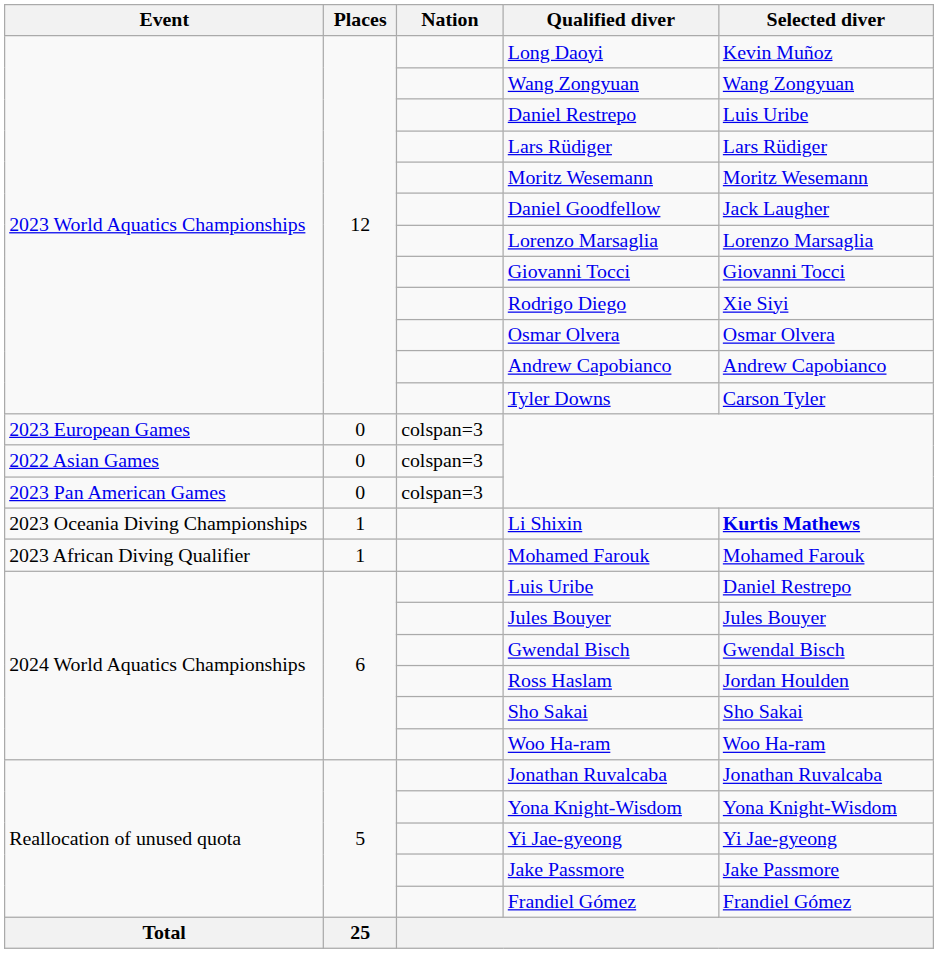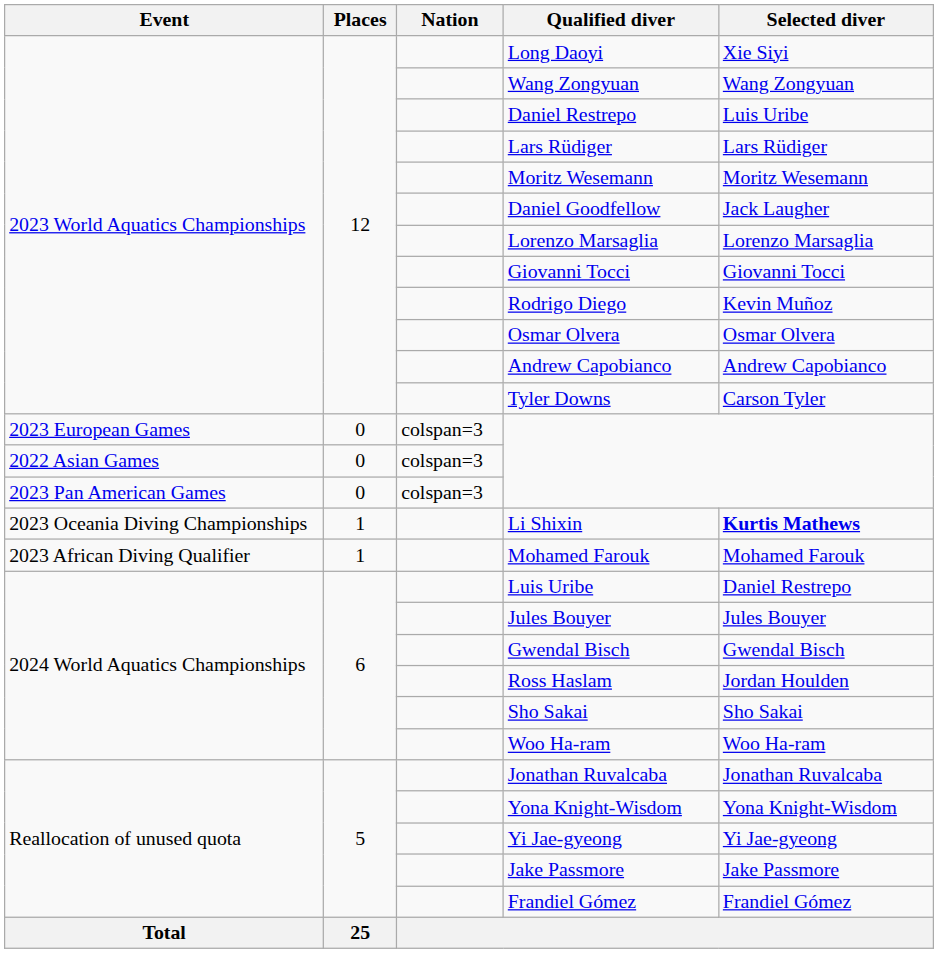 <table class="wikitable" width=750>
 <tr>
 <th width=250>Event</th>
 <th>Places</th>
 <th>Nation</th>
 <th>Qualified diver</th>
 <th>Selected diver</th>
 </tr>
 <tr>
 <td rowspan=12><a href='#'>2023 World Aquatics Championships</a></td>
 <td rowspan=12 align=center>12</td>
 <td></td>
 <td><a href='#'>Long Daoyi</a></td>
-<td><a href='#'>Kevin Muñoz</a></td>
+<td><a href='#'>Xie Siyi</a></td>
 </tr>
 <tr>
 <td></td>
 <td><a href='#'>Wang Zongyuan</a></td>
 <td><a href='#'>Wang Zongyuan</a></td>
 </tr>
 <tr>
 <td></td>
 <td><a href='#'>Daniel Restrepo</a></td>
 <td><a href='#'>Luis Uribe</a></td>
 </tr>
 <tr>
 <td></td>
 <td><a href='#'>Lars Rüdiger</a></td>
 <td><a href='#'>Lars Rüdiger</a></td>
 </tr>
 <tr>
 <td></td>
 <td><a href='#'>Moritz Wesemann</a></td>
 <td><a href='#'>Moritz Wesemann</a></td>
 </tr>
 <tr>
 <td></td>
 <td><a href='#'>Daniel Goodfellow</a></td>
 <td><a href='#'>Jack Laugher</a></td>
 </tr>
 <tr>
 <td></td>
 <td><a href='#'>Lorenzo Marsaglia</a></td>
 <td><a href='#'>Lorenzo Marsaglia</a></td>
 </tr>
 <tr>
 <td></td>
 <td><a href='#'>Giovanni Tocci</a></td>
 <td><a href='#'>Giovanni Tocci</a></td>
 </tr>
 <tr>
 <td></td>
 <td><a href='#'>Rodrigo Diego</a></td>
-<td><a href='#'>Xie Siyi</a></td>
+<td><a href='#'>Kevin Muñoz</a></td>
 </tr>
 <tr>
 <td></td>
 <td><a href='#'>Osmar Olvera</a></td>
 <td><a href='#'>Osmar Olvera</a></td>
 </tr>
 <tr>
 <td></td>
 <td><a href='#'>Andrew Capobianco</a></td>
 <td><a href='#'>Andrew Capobianco</a></td>
 </tr>
 <tr>
 <td></td>
 <td><a href='#'>Tyler Downs</a></td>
 <td><a href='#'>Carson Tyler</a></td>
 </tr>
 <tr>
 <td><a href='#'>2023 European Games</a></td>
 <td align=center>0</td>
 <td>colspan=3 </td>
 </tr>
 <tr>
 <td><a href='#'>2022 Asian Games</a></td>
 <td align=center>0</td>
 <td>colspan=3 </td>
 </tr>
 <tr>
 <td><a href='#'>2023 Pan American Games</a></td>
 <td align=center>0</td>
 <td>colspan=3 </td>
 </tr>
 <tr>
 <td>2023 Oceania Diving Championships</td>
 <td align=center>1</td>
 <td></td>
 <td><a href='#'>Li Shixin</a></td>
 <td><strong><a href='#'>Kurtis Mathews</a></strong></td>
 </tr>
 <tr>
 <td>2023 African Diving Qualifier</td>
 <td align=center>1</td>
 <td></td>
 <td><a href='#'>Mohamed Farouk</a></td>
 <td><a href='#'>Mohamed Farouk</a></td>
 </tr>
 <tr>
 <td rowspan=6>2024 World Aquatics Championships</td>
 <td rowspan=6 align=center>6</td>
 <td></td>
 <td><a href='#'>Luis Uribe</a></td>
 <td><a href='#'>Daniel Restrepo</a></td>
 </tr>
 <tr>
 <td></td>
 <td><a href='#'>Jules Bouyer</a></td>
 <td><a href='#'>Jules Bouyer</a></td>
 </tr>
 <tr>
 <td></td>
 <td><a href='#'>Gwendal Bisch</a></td>
 <td><a href='#'>Gwendal Bisch</a></td>
 </tr>
 <tr>
 <td></td>
 <td><a href='#'>Ross Haslam</a></td>
 <td><a href='#'>Jordan Houlden</a></td>
 </tr>
 <tr>
 <td></td>
 <td><a href='#'>Sho Sakai</a></td>
 <td><a href='#'>Sho Sakai</a></td>
 </tr>
 <tr>
 <td></td>
 <td><a href='#'>Woo Ha-ram</a></td>
 <td><a href='#'>Woo Ha-ram</a></td>
 </tr>
 <tr>
 <td rowspan="5">Reallocation of unused quota</td>
 <td rowspan="5" align="center">5</td>
 <td></td>
 <td><a href='#'>Jonathan Ruvalcaba</a></td>
 <td><a href='#'>Jonathan Ruvalcaba</a></td>
 </tr>
 <tr>
 <td></td>
 <td><a href='#'>Yona Knight-Wisdom</a></td>
 <td><a href='#'>Yona Knight-Wisdom</a></td>
 </tr>
 <tr>
 <td></td>
 <td><a href='#'>Yi Jae-gyeong</a></td>
 <td><a href='#'>Yi Jae-gyeong</a></td>
 </tr>
 <tr>
 <td></td>
 <td><a href='#'>Jake Passmore</a></td>
 <td><a href='#'>Jake Passmore</a></td>
 </tr>
 <tr>
 <td></td>
 <td><a href='#'>Frandiel Gómez</a></td>
 <td><a href='#'>Frandiel Gómez</a></td>
 </tr>
 <tr>
 <th>Total</th>
 <th>25</th>
 <th colspan="3"></th>
 </tr>
 </table>
